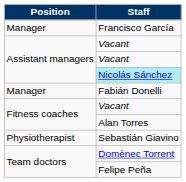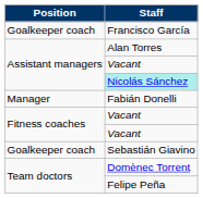 <table class="wikitable">
 <tr>
 <th style=background-color:#003466;color:white>Position</th>
 <th style=background-color:#003466;color:white>Staff</th>
 </tr>
 <tr>
 </tr>
 <tr>
-<td>Manager</td>
+<td>Goalkeeper coach</td>
 <td> Francisco García</td>
 </tr>
 <tr>
 <td rowspan="3">Assistant managers</td>
-<td><em>Vacant</em></td>
+<td> Alan Torres</td>
 </tr>
 <tr>
 <td><em>Vacant</em></td>
 </tr>
 <tr>
 <td style="background: paleturquoise;"> <a href='#'>Nicolás Sánchez</a></td>
 </tr>
 <tr>
 <td>Manager</td>
 <td> Fabián Donelli</td>
 </tr>
 <tr>
 <td rowspan="2">Fitness coaches</td>
 <td><em>Vacant</em></td>
 </tr>
 <tr>
-<td> Alan Torres</td>
+<td><em>Vacant</em></td>
 </tr>
 <tr>
-<td>Physiotherapist</td>
+<td>Goalkeeper coach</td>
 <td> Sebastián Giavino</td>
 </tr>
 <tr>
 <td rowspan="2">Team doctors</td>
 <td> <a href='#'>Domènec Torrent</a></td>
 </tr>
 <tr>
 <td> Felipe Peña</td>
 </tr>
 </table>
